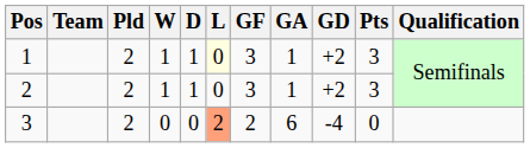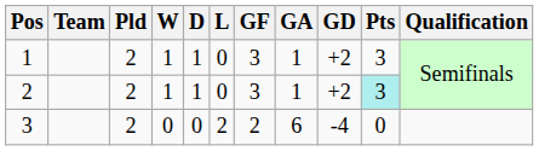 <table class="wikitable" style=" text-align:center;">
 <tr>
 <th>Pos</th>
 <th>Team</th>
 <th>Pld</th>
 <th>W</th>
 <th>D</th>
 <th>L</th>
 <th>GF</th>
 <th>GA</th>
 <th>GD</th>
 <th>Pts</th>
 <th>Qualification</th>
 </tr>
 <tr>
 <td>1</td>
 <td></td>
 <td>2</td>
 <td>1</td>
 <td>1</td>
-<td style="background: lightyellow;">0</td>
+<td>0</td>
 <td>3</td>
 <td>1</td>
 <td>+2</td>
 <td>3</td>
 <td rowspan="2" style="background:#CCFFCC">Semifinals</td>
 </tr>
 <tr>
 <td>2</td>
 <td></td>
 <td>2</td>
 <td>1</td>
 <td>1</td>
 <td>0</td>
 <td>3</td>
 <td>1</td>
 <td>+2</td>
-<td>3</td>
+<td style="background: paleturquoise;">3</td>
 </tr>
 <tr>
 <td>3</td>
 <td></td>
 <td>2</td>
 <td>0</td>
 <td>0</td>
-<td style="background: lightsalmon;">2</td>
+<td>2</td>
 <td>2</td>
 <td>6</td>
 <td>-4</td>
 <td>0</td>
 <td></td>
 </tr>
 </table>
